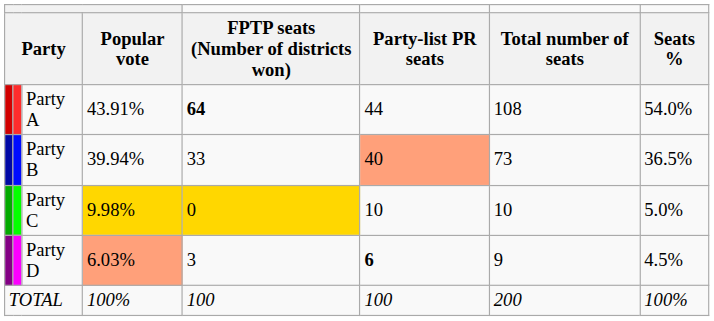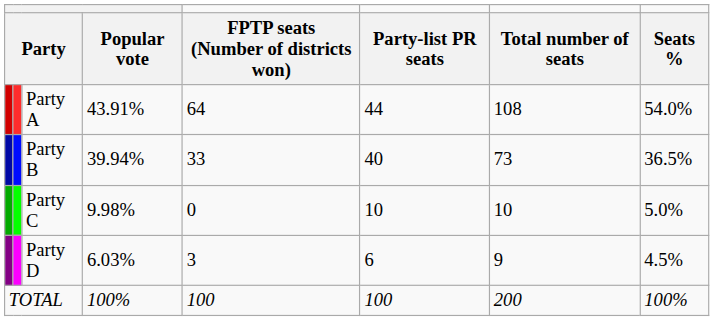 <table class="wikitable">
 <tr>
 <th colspan="4"></th>
 <td></td>
 <td></td>
 <td></td>
 <td colspan="2"></td>
 </tr>
 <tr>
 <th colspan="3">Party</th>
 <th>Popular vote</th>
 <th>FPTP seats<br>(Number of districts won)</th>
 <th>Party-list PR seats</th>
 <th colspan="2">Total number of seats</th>
 <th>Seats %</th>
 </tr>
 <tr>
 <td style="background:#D10000"></td>
 <td style="background:#ff2c2c"></td>
 <td>Party A</td>
 <td>43.91%</td>
-<td><strong>64</strong></td>
+<td>64</td>
 <td>44</td>
 <td colspan="2">108</td>
 <td>54.0%</td>
 </tr>
 <tr>
 <td style="background:#0008A5"></td>
 <td style="background:#000cff"></td>
 <td>Party B</td>
 <td>39.94%</td>
 <td>33</td>
-<td style="background: lightsalmon;">40</td>
+<td>40</td>
 <td colspan="2">73</td>
 <td>36.5%</td>
 </tr>
 <tr>
 <td style="background:#03AA00"></td>
 <td style="background:#05ff00"></td>
 <td>Party C</td>
-<td style="background: gold;">9.98%</td>
-<td style="background: gold;">0</td>
+<td>9.98%</td>
+<td>0</td>
 <td>10</td>
 <td colspan="2">10</td>
 <td>5.0%</td>
 </tr>
 <tr>
 <td style="background:#820084"></td>
 <td style="background:#fb00ff"></td>
 <td>Party D</td>
-<td style="background: lightsalmon;">6.03%</td>
+<td>6.03%</td>
 <td>3</td>
-<td><strong>6</strong></td>
+<td>6</td>
 <td colspan="2">9</td>
 <td>4.5%</td>
 </tr>
 <tr>
 <td colspan="3"><em>TOTAL</em></td>
 <td><em>100%</em></td>
 <td><em>100</em></td>
 <td><em>100</em></td>
 <td colspan="2"><em>200</em></td>
 <td><em>100%</em></td>
 </tr>
 </table>
